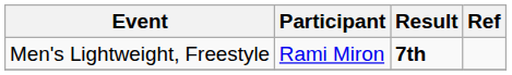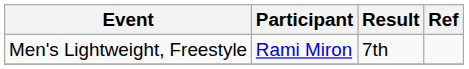 <table class="wikitable" style="font-size: 95%;">
 <tr>
 <th>Event</th>
 <th>Participant</th>
 <th>Result</th>
 <th>Ref</th>
 </tr>
 <tr>
 <td>Men's Lightweight, Freestyle</td>
 <td><a href='#'>Rami Miron</a></td>
-<td><strong>7th</strong></td>
+<td>7th</td>
 <td></td>
 </tr>
 <tr>
 </tr>
 </table>
